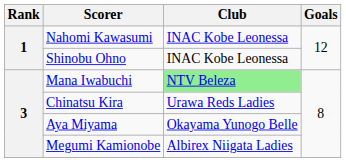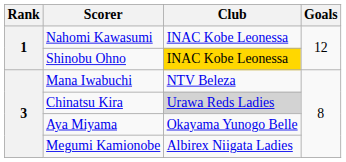 <table class="wikitable">
 <tr>
 <th>Rank</th>
 <th>Scorer</th>
 <th>Club</th>
 <th>Goals</th>
 </tr>
 <tr>
 <th rowspan=2>1</th>
 <td> <a href='#'>Nahomi Kawasumi</a></td>
 <td><a href='#'>INAC Kobe Leonessa</a></td>
 <td rowspan=2 style="text-align:center;">12</td>
 </tr>
 <tr>
 <td> <a href='#'>Shinobu Ohno</a></td>
-<td>INAC Kobe Leonessa</td>
+<td style="background: gold;">INAC Kobe Leonessa</td>
 </tr>
 <tr>
 <th rowspan=4>3</th>
 <td> <a href='#'>Mana Iwabuchi</a></td>
-<td style="background: lightgreen;"><a href='#'>NTV Beleza</a></td>
+<td><a href='#'>NTV Beleza</a></td>
 <td rowspan=4 style="text-align:center;">8</td>
 </tr>
 <tr>
 <td> <a href='#'>Chinatsu Kira</a></td>
-<td><a href='#'>Urawa Reds Ladies</a></td>
+<td style="background: lightgrey;"><a href='#'>Urawa Reds Ladies</a></td>
 </tr>
 <tr>
 <td> <a href='#'>Aya Miyama</a></td>
 <td><a href='#'>Okayama Yunogo Belle</a></td>
 </tr>
 <tr>
 <td> <a href='#'>Megumi Kamionobe</a></td>
 <td><a href='#'>Albirex Niigata Ladies</a></td>
 </tr>
 </table>
